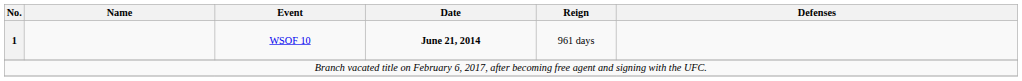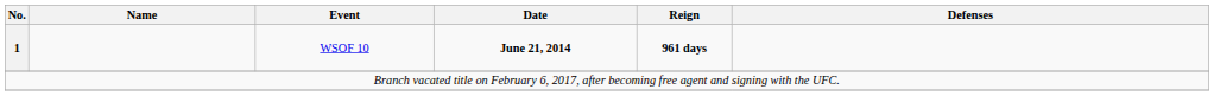 <table class="wikitable" width=100%>
 <tr>
 <th width=1%>No.</th>
 <th width=19%>Name</th>
 <th width=15%>Event</th>
 <th width=17%>Date</th>
 <th width=8%>Reign</th>
 <th width=40%>Defenses</th>
 </tr>
 <tr>
 <th>1</th>
 <td><br></td>
 <td align=center><a href='#'>WSOF 10</a><br></td>
 <td align=center><strong>June 21, 2014</strong></td>
-<td align=center>961 days</td>
+<td align=center><strong>961 days</strong></td>
 <td><br><br> <br> </td>
 </tr>
 <tr>
 </tr>
 <tr>
 <td align="center" colspan="6"><em>Branch vacated title on February 6, 2017, after becoming free agent and signing with the UFC.</em></td>
 </tr>
 <tr>
 </tr>
 </table>
